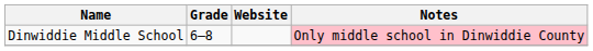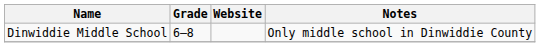 <table class="wikitable">
 <tr>
 <th>Name</th>
 <th>Grade</th>
 <th>Website</th>
 <th>Notes</th>
 </tr>
 <tr>
 <td>Dinwiddie Middle School</td>
 <td>6–8</td>
 <td></td>
-<td style="background: pink;">Only middle school in Dinwiddie County</td>
+<td>Only middle school in Dinwiddie County</td>
 </tr>
 <tr>
 </tr>
 </table>
